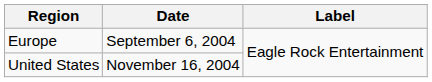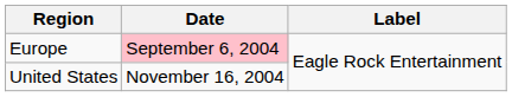 <table class="wikitable">
 <tr>
 <th align="center">Region</th>
 <th align="center">Date</th>
 <th align="center">Label</th>
 </tr>
 <tr>
 <td align="left">Europe</td>
-<td align="left">September 6, 2004</td>
+<td align="left" style="background: pink;">September 6, 2004</td>
 <td align="left" rowspan="2">Eagle Rock Entertainment</td>
 </tr>
 <tr>
 <td align="left">United States</td>
 <td align="left">November 16, 2004</td>
 </tr>
 </table>
